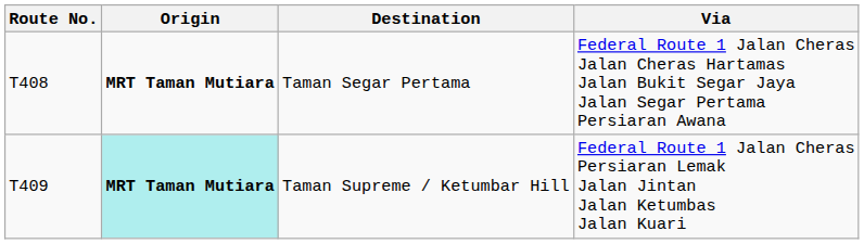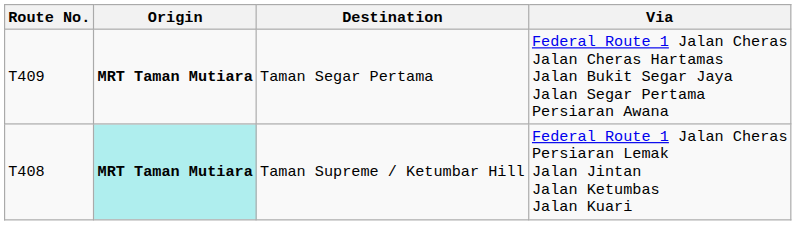 <table class="wikitable">
 <tr>
 <th>Route No.</th>
 <th>Origin</th>
 <th>Destination</th>
 <th>Via</th>
 </tr>
 <tr>
-<td>T408</td>
+<td>T409</td>
 <td> <strong>MRT Taman Mutiara</strong></td>
 <td>Taman Segar Pertama</td>
 <td><a href='#'>Federal Route 1</a> Jalan Cheras<br>Jalan Cheras Hartamas <br> Jalan Bukit Segar Jaya <br> Jalan Segar Pertama <br> Persiaran Awana</td>
 </tr>
 <tr>
-<td>T409</td>
+<td>T408</td>
 <td style="background: paleturquoise;"> <strong>MRT Taman Mutiara</strong></td>
 <td>Taman Supreme / Ketumbar Hill</td>
 <td><a href='#'>Federal Route 1</a> Jalan Cheras<br>Persiaran Lemak <br> Jalan Jintan <br> Jalan Ketumbas <br> Jalan Kuari</td>
 </tr>
 </table>
